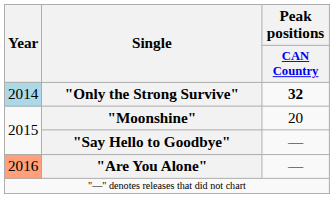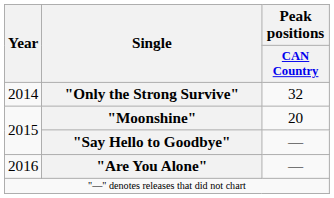 <table class="wikitable plainrowheaders" style="text-align:center;">
 <tr>
 <th rowspan="2" style="width:1em;">Year</th>
 <th rowspan="2" style="width:14em;">Single</th>
 <th>Peak positions</th>
 </tr>
 <tr style="font-size:smaller;">
 <th width="65"><a href='#'>CAN Country</a><br></th>
 </tr>
 <tr>
-<td style="background: lightblue;">2014</td>
+<td>2014</td>
 <th scope="row">"Only the Strong Survive"</th>
-<td><strong>32</strong></td>
+<td>32</td>
 </tr>
 <tr>
 <td rowspan="2">2015</td>
 <th scope="row">"Moonshine"</th>
 <td>20</td>
 </tr>
 <tr>
 <th scope="row">"Say Hello to Goodbye"</th>
 <td>—</td>
 </tr>
 <tr>
-<td style="background: lightsalmon;">2016</td>
+<td>2016</td>
 <th scope="row">"Are You Alone"</th>
 <td>—</td>
 </tr>
 <tr>
 <td colspan="3" style="font-size:8pt">"—" denotes releases that did not chart</td>
 </tr>
 </table>
